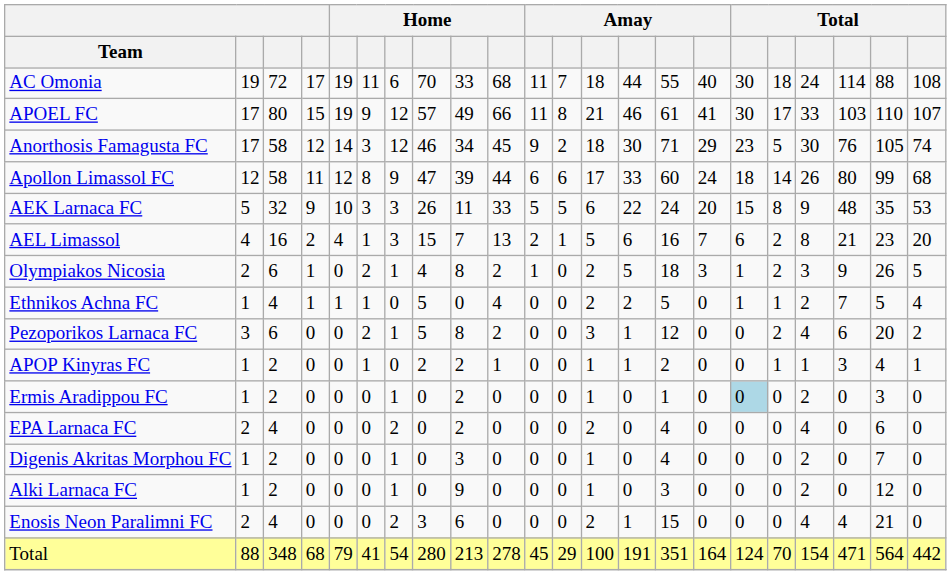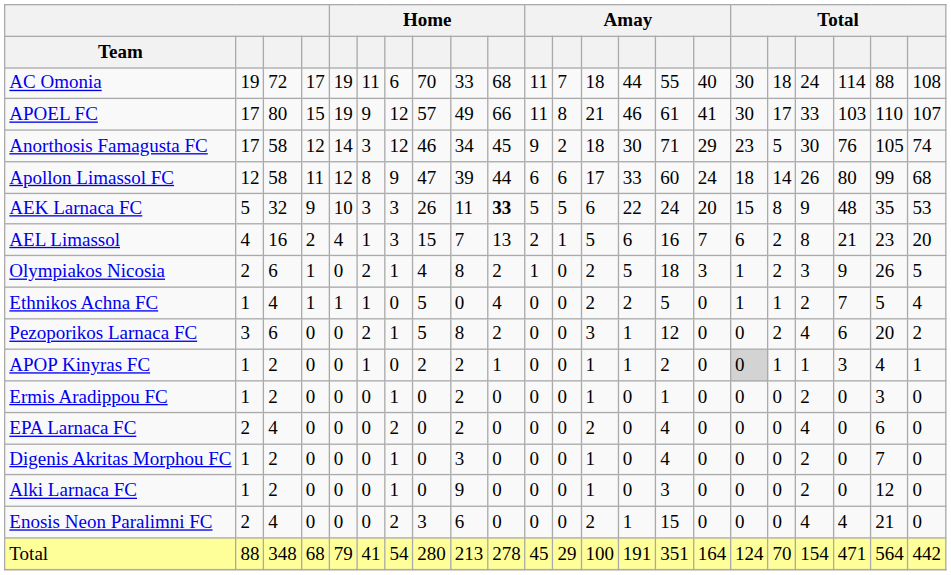 <table class="wikitable sortable" style="margin:1em auto; font-size:90%;">
 <tr>
 <th colspan=4></th>
 <th colspan=6>Home</th>
 <th colspan=6>Amay</th>
 <th colspan=6>Total</th>
 </tr>
 <tr>
 <th>Team</th>
 <th></th>
 <th></th>
 <th></th>
 <th></th>
 <th></th>
 <th></th>
 <th></th>
 <th></th>
 <th></th>
 <th></th>
 <th></th>
 <th></th>
 <th></th>
 <th></th>
 <th></th>
 <th></th>
 <th></th>
 <th></th>
 <th></th>
 <th></th>
 <th></th>
 </tr>
 <tr>
 <td><a href='#'>AC Omonia</a></td>
 <td>19</td>
 <td>72</td>
 <td>17</td>
 <td>19</td>
 <td>11</td>
 <td>6</td>
 <td>70</td>
 <td>33</td>
 <td>68</td>
 <td>11</td>
 <td>7</td>
 <td>18</td>
 <td>44</td>
 <td>55</td>
 <td>40</td>
 <td>30</td>
 <td>18</td>
 <td>24</td>
 <td>114</td>
 <td>88</td>
 <td>108</td>
 </tr>
 <tr>
 <td><a href='#'>APOEL FC</a></td>
 <td>17</td>
 <td>80</td>
 <td>15</td>
 <td>19</td>
 <td>9</td>
 <td>12</td>
 <td>57</td>
 <td>49</td>
 <td>66</td>
 <td>11</td>
 <td>8</td>
 <td>21</td>
 <td>46</td>
 <td>61</td>
 <td>41</td>
 <td>30</td>
 <td>17</td>
 <td>33</td>
 <td>103</td>
 <td>110</td>
 <td>107</td>
 </tr>
 <tr>
 <td><a href='#'>Anorthosis Famagusta FC</a></td>
 <td>17</td>
 <td>58</td>
 <td>12</td>
 <td>14</td>
 <td>3</td>
 <td>12</td>
 <td>46</td>
 <td>34</td>
 <td>45</td>
 <td>9</td>
 <td>2</td>
 <td>18</td>
 <td>30</td>
 <td>71</td>
 <td>29</td>
 <td>23</td>
 <td>5</td>
 <td>30</td>
 <td>76</td>
 <td>105</td>
 <td>74</td>
 </tr>
 <tr>
 <td><a href='#'>Apollon Limassol FC</a></td>
 <td>12</td>
 <td>58</td>
 <td>11</td>
 <td>12</td>
 <td>8</td>
 <td>9</td>
 <td>47</td>
 <td>39</td>
 <td>44</td>
 <td>6</td>
 <td>6</td>
 <td>17</td>
 <td>33</td>
 <td>60</td>
 <td>24</td>
 <td>18</td>
 <td>14</td>
 <td>26</td>
 <td>80</td>
 <td>99</td>
 <td>68</td>
 </tr>
 <tr>
 <td><a href='#'>AEK Larnaca FC</a></td>
 <td>5</td>
 <td>32</td>
 <td>9</td>
 <td>10</td>
 <td>3</td>
 <td>3</td>
 <td>26</td>
 <td>11</td>
-<td>33</td>
+<td><strong>33</strong></td>
 <td>5</td>
 <td>5</td>
 <td>6</td>
 <td>22</td>
 <td>24</td>
 <td>20</td>
 <td>15</td>
 <td>8</td>
 <td>9</td>
 <td>48</td>
 <td>35</td>
 <td>53</td>
 </tr>
 <tr>
 <td><a href='#'>AEL Limassol</a></td>
 <td>4</td>
 <td>16</td>
 <td>2</td>
 <td>4</td>
 <td>1</td>
 <td>3</td>
 <td>15</td>
 <td>7</td>
 <td>13</td>
 <td>2</td>
 <td>1</td>
 <td>5</td>
 <td>6</td>
 <td>16</td>
 <td>7</td>
 <td>6</td>
 <td>2</td>
 <td>8</td>
 <td>21</td>
 <td>23</td>
 <td>20</td>
 </tr>
 <tr>
 <td><a href='#'>Olympiakos Nicosia</a></td>
 <td>2</td>
 <td>6</td>
 <td>1</td>
 <td>0</td>
 <td>2</td>
 <td>1</td>
 <td>4</td>
 <td>8</td>
 <td>2</td>
 <td>1</td>
 <td>0</td>
 <td>2</td>
 <td>5</td>
 <td>18</td>
 <td>3</td>
 <td>1</td>
 <td>2</td>
 <td>3</td>
 <td>9</td>
 <td>26</td>
 <td>5</td>
 </tr>
 <tr>
 <td><a href='#'>Ethnikos Achna FC</a></td>
 <td>1</td>
 <td>4</td>
 <td>1</td>
 <td>1</td>
 <td>1</td>
 <td>0</td>
 <td>5</td>
 <td>0</td>
 <td>4</td>
 <td>0</td>
 <td>0</td>
 <td>2</td>
 <td>2</td>
 <td>5</td>
 <td>0</td>
 <td>1</td>
 <td>1</td>
 <td>2</td>
 <td>7</td>
 <td>5</td>
 <td>4</td>
 </tr>
 <tr>
 <td><a href='#'>Pezoporikos Larnaca FC</a></td>
 <td>3</td>
 <td>6</td>
 <td>0</td>
 <td>0</td>
 <td>2</td>
 <td>1</td>
 <td>5</td>
 <td>8</td>
 <td>2</td>
 <td>0</td>
 <td>0</td>
 <td>3</td>
 <td>1</td>
 <td>12</td>
 <td>0</td>
 <td>0</td>
 <td>2</td>
 <td>4</td>
 <td>6</td>
 <td>20</td>
 <td>2</td>
 </tr>
 <tr>
 <td><a href='#'>APOP Kinyras FC</a></td>
 <td>1</td>
 <td>2</td>
 <td>0</td>
 <td>0</td>
 <td>1</td>
 <td>0</td>
 <td>2</td>
 <td>2</td>
 <td>1</td>
 <td>0</td>
 <td>0</td>
 <td>1</td>
 <td>1</td>
 <td>2</td>
 <td>0</td>
-<td>0</td>
+<td style="background: lightgrey;">0</td>
 <td>1</td>
 <td>1</td>
 <td>3</td>
 <td>4</td>
 <td>1</td>
 </tr>
 <tr>
 <td><a href='#'>Ermis Aradippou FC</a></td>
 <td>1</td>
 <td>2</td>
 <td>0</td>
 <td>0</td>
 <td>0</td>
 <td>1</td>
 <td>0</td>
 <td>2</td>
 <td>0</td>
 <td>0</td>
 <td>0</td>
 <td>1</td>
 <td>0</td>
 <td>1</td>
 <td>0</td>
-<td style="background: lightblue;">0</td>
+<td>0</td>
 <td>0</td>
 <td>2</td>
 <td>0</td>
 <td>3</td>
 <td>0</td>
 </tr>
 <tr>
 <td><a href='#'>EPA Larnaca FC</a></td>
 <td>2</td>
 <td>4</td>
 <td>0</td>
 <td>0</td>
 <td>0</td>
 <td>2</td>
 <td>0</td>
 <td>2</td>
 <td>0</td>
 <td>0</td>
 <td>0</td>
 <td>2</td>
 <td>0</td>
 <td>4</td>
 <td>0</td>
 <td>0</td>
 <td>0</td>
 <td>4</td>
 <td>0</td>
 <td>6</td>
 <td>0</td>
 </tr>
 <tr>
 <td><a href='#'>Digenis Akritas Morphou FC</a></td>
 <td>1</td>
 <td>2</td>
 <td>0</td>
 <td>0</td>
 <td>0</td>
 <td>1</td>
 <td>0</td>
 <td>3</td>
 <td>0</td>
 <td>0</td>
 <td>0</td>
 <td>1</td>
 <td>0</td>
 <td>4</td>
 <td>0</td>
 <td>0</td>
 <td>0</td>
 <td>2</td>
 <td>0</td>
 <td>7</td>
 <td>0</td>
 </tr>
 <tr>
 <td><a href='#'>Alki Larnaca FC</a></td>
 <td>1</td>
 <td>2</td>
 <td>0</td>
 <td>0</td>
 <td>0</td>
 <td>1</td>
 <td>0</td>
 <td>9</td>
 <td>0</td>
 <td>0</td>
 <td>0</td>
 <td>1</td>
 <td>0</td>
 <td>3</td>
 <td>0</td>
 <td>0</td>
 <td>0</td>
 <td>2</td>
 <td>0</td>
 <td>12</td>
 <td>0</td>
 </tr>
 <tr>
 <td><a href='#'>Enosis Neon Paralimni FC</a></td>
 <td>2</td>
 <td>4</td>
 <td>0</td>
 <td>0</td>
 <td>0</td>
 <td>2</td>
 <td>3</td>
 <td>6</td>
 <td>0</td>
 <td>0</td>
 <td>0</td>
 <td>2</td>
 <td>1</td>
 <td>15</td>
 <td>0</td>
 <td>0</td>
 <td>0</td>
 <td>4</td>
 <td>4</td>
 <td>21</td>
 <td>0</td>
 </tr>
 <tr style="background:#ff9;">
 <td>Total</td>
 <td>88</td>
 <td>348</td>
 <td>68</td>
 <td>79</td>
 <td>41</td>
 <td>54</td>
 <td>280</td>
 <td>213</td>
 <td>278</td>
 <td>45</td>
 <td>29</td>
 <td>100</td>
 <td>191</td>
 <td>351</td>
 <td>164</td>
 <td>124</td>
 <td>70</td>
 <td>154</td>
 <td>471</td>
 <td>564</td>
 <td>442</td>
 </tr>
 <tr>
 </tr>
 </table>
